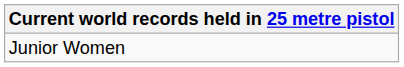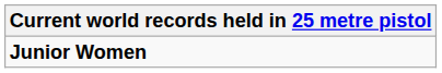 <table class="wikitable" style="font-size: 95%">
 <tr>
 <th colspan=9>Current world records held in <a href='#'>25 metre pistol</a></th>
 </tr>
 <tr>
-<td>Junior Women<br></td>
+<td><strong>Junior Women<br></strong></td>
 </tr>
 </table>
